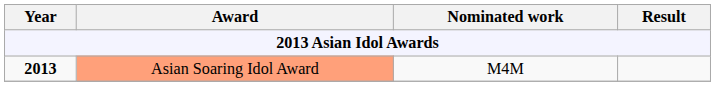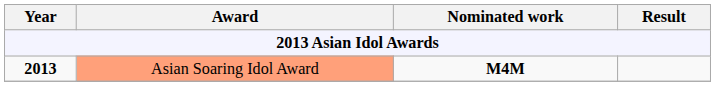 <table class="wikitable" style="text-align:center; width:700px">
 <tr>
 <th>Year</th>
 <th>Award</th>
 <th>Nominated work</th>
 <th>Result</th>
 </tr>
 <tr>
 <td colspan="4" align="center" style="background:#F4F4FF"><strong>2013 Asian Idol Awards</strong></td>
 </tr>
 <tr>
 <td><strong>2013</strong></td>
 <td style="background: lightsalmon;">Asian Soaring Idol Award</td>
-<td>M4M</td>
+<td><strong>M4M</strong></td>
 <td></td>
 </tr>
 <tr>
 </tr>
 </table>
